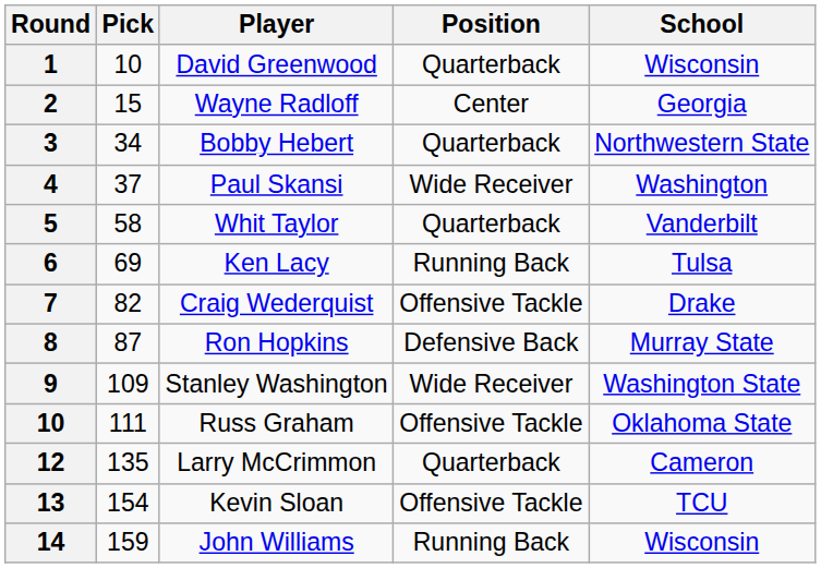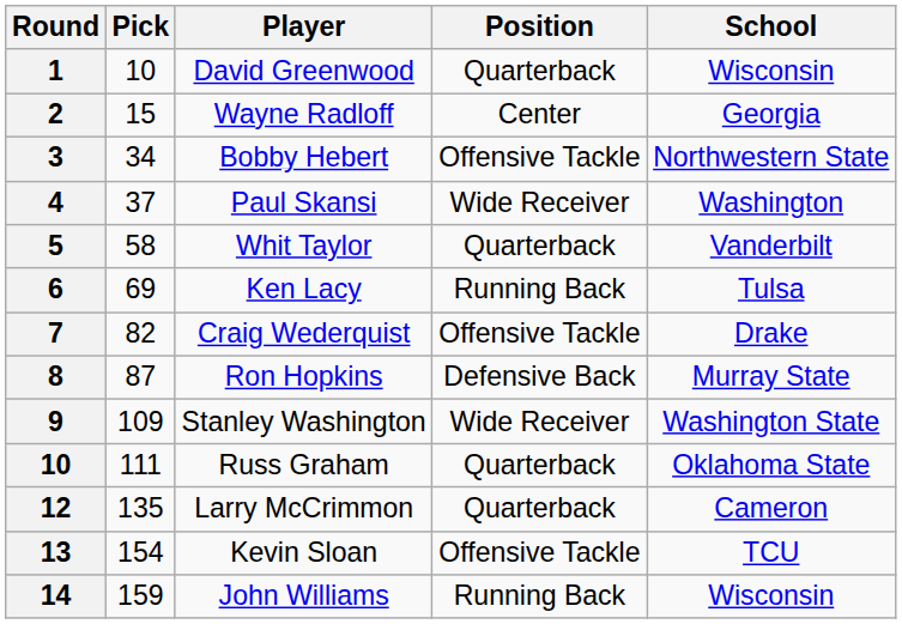 <table class="wikitable sortable sortable">
 <tr>
 <th>Round</th>
 <th>Pick</th>
 <th>Player</th>
 <th>Position</th>
 <th>School</th>
 </tr>
 <tr>
 <th>1</th>
 <td align=center>10</td>
 <td align=center><a href='#'>David Greenwood</a></td>
 <td align=center>Quarterback</td>
 <td align=center><a href='#'>Wisconsin</a></td>
 </tr>
 <tr>
 <th>2</th>
 <td align=center>15</td>
 <td align=center><a href='#'>Wayne Radloff</a></td>
 <td align=center>Center</td>
 <td align=center><a href='#'>Georgia</a></td>
 </tr>
 <tr>
 <th>3</th>
 <td align=center>34</td>
 <td align=center><a href='#'>Bobby Hebert</a></td>
-<td align=center>Quarterback</td>
+<td align=center>Offensive Tackle</td>
 <td align=center><a href='#'>Northwestern State</a></td>
 </tr>
 <tr>
 <th>4</th>
 <td align=center>37</td>
 <td align=center><a href='#'>Paul Skansi</a></td>
 <td align=center>Wide Receiver</td>
 <td align=center><a href='#'>Washington</a></td>
 </tr>
 <tr>
 <th>5</th>
 <td align=center>58</td>
 <td align=center><a href='#'>Whit Taylor</a></td>
 <td align=center>Quarterback</td>
 <td align=center><a href='#'>Vanderbilt</a></td>
 </tr>
 <tr>
 <th>6</th>
 <td align=center>69</td>
 <td align=center><a href='#'>Ken Lacy</a></td>
 <td align=center>Running Back</td>
 <td align=center><a href='#'>Tulsa</a></td>
 </tr>
 <tr>
 <th>7</th>
 <td align=center>82</td>
 <td align=center><a href='#'>Craig Wederquist</a></td>
 <td align=center>Offensive Tackle</td>
 <td align=center><a href='#'>Drake</a></td>
 </tr>
 <tr>
 <th>8</th>
 <td align=center>87</td>
 <td align=center><a href='#'>Ron Hopkins</a></td>
 <td align=center>Defensive Back</td>
 <td align=center><a href='#'>Murray State</a></td>
 </tr>
 <tr>
 <th>9</th>
 <td align=center>109</td>
 <td align=center>Stanley Washington</td>
 <td align=center>Wide Receiver</td>
 <td align=center><a href='#'>Washington State</a></td>
 </tr>
 <tr>
 <th>10</th>
 <td align=center>111</td>
 <td align=center>Russ Graham</td>
-<td align=center>Offensive Tackle</td>
+<td align=center>Quarterback</td>
 <td align=center><a href='#'>Oklahoma State</a></td>
 </tr>
 <tr>
 <th>12</th>
 <td align=center>135</td>
 <td align=center>Larry McCrimmon</td>
 <td align=center>Quarterback</td>
 <td align=center><a href='#'>Cameron</a></td>
 </tr>
 <tr>
 <th>13</th>
 <td align=center>154</td>
 <td align=center>Kevin Sloan</td>
 <td align=center>Offensive Tackle</td>
 <td align=center><a href='#'>TCU</a></td>
 </tr>
 <tr>
 <th>14</th>
 <td align=center>159</td>
 <td align=center><a href='#'>John Williams</a></td>
 <td align=center>Running Back</td>
 <td align=center><a href='#'>Wisconsin</a></td>
 </tr>
 </table>
